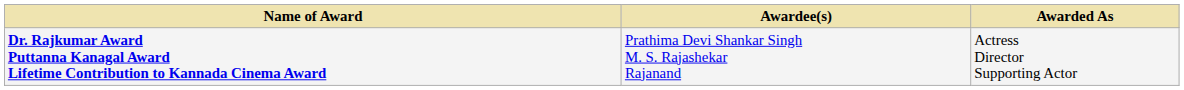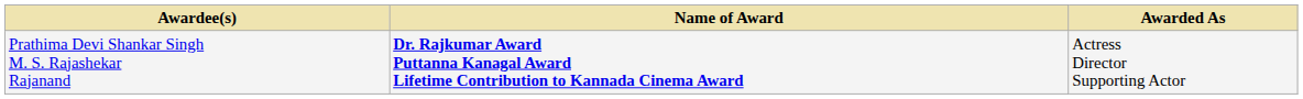 <table class="wikitable" style="width:100%;">
 <tr>
+<th style="background-color:#EFE4B0;">Awardee(s)</th>
 <th style="background-color:#EFE4B0;">Name of Award</th>
-<th style="background-color:#EFE4B0;">Awardee(s)</th>
 <th style="background-color:#EFE4B0;">Awarded As</th>
 </tr>
 <tr style="background-color:#F4F4F4">
+<td><a href='#'>Prathima Devi Shankar Singh</a><br><a href='#'>M. S. Rajashekar</a><br><a href='#'>Rajanand</a></td>
 <td><strong><a href='#'>Dr. Rajkumar Award</a></strong><br><strong><a href='#'>Puttanna Kanagal Award</a></strong><br><strong><a href='#'>Lifetime Contribution to Kannada Cinema Award</a></strong></td>
-<td><a href='#'>Prathima Devi Shankar Singh</a><br><a href='#'>M. S. Rajashekar</a><br><a href='#'>Rajanand</a></td>
 <td>Actress<br>Director<br>Supporting Actor</td>
 </tr>
 </table>
